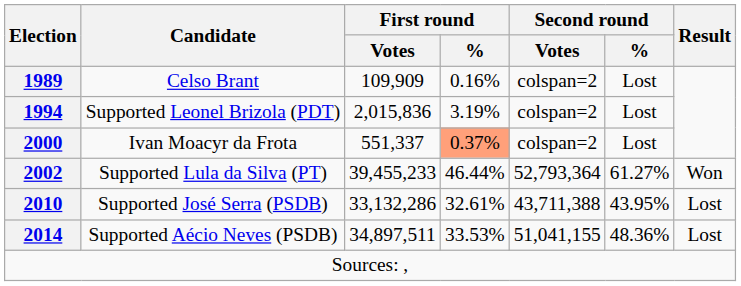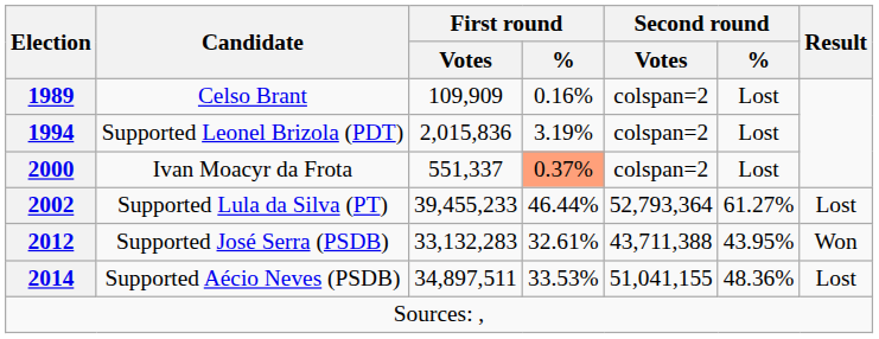 <table class="wikitable" style="text-align:center">
 <tr>
 <th rowspan="2">Election</th>
 <th rowspan="2">Candidate</th>
 <th colspan="2" scope="col">First round</th>
 <th colspan="2">Second round</th>
 <th rowspan="2">Result</th>
 </tr>
 <tr>
 <th>Votes</th>
 <th>%</th>
 <th>Votes</th>
 <th>%</th>
 </tr>
 <tr>
 <th><a href='#'>1989</a></th>
 <td><a href='#'>Celso Brant</a></td>
 <td>109,909</td>
 <td>0.16%</td>
 <td>colspan=2 </td>
 <td> Lost</td>
 </tr>
 <tr>
 <th><a href='#'>1994</a></th>
 <td>Supported <a href='#'>Leonel Brizola</a> (<a href='#'>PDT</a>)</td>
 <td>2,015,836</td>
 <td>3.19%</td>
 <td>colspan=2 </td>
 <td> Lost</td>
 </tr>
 <tr>
 <th><a href='#'>2000</a></th>
 <td>Ivan Moacyr da Frota</td>
 <td>551,337</td>
 <td style="background: lightsalmon;">0.37%</td>
 <td>colspan=2 </td>
 <td> Lost</td>
 </tr>
 <tr>
 <th><a href='#'>2002</a></th>
 <td>Supported <a href='#'>Lula da Silva</a> (<a href='#'>PT</a>)</td>
 <td>39,455,233</td>
 <td>46.44%</td>
 <td>52,793,364</td>
 <td>61.27%</td>
-<td> Won</td>
+<td> Lost</td>
 </tr>
 <tr>
-<th><a href='#'>2010</a></th>
+<th><a href='#'>2012</a></th>
 <td>Supported <a href='#'>José Serra</a> (<a href='#'>PSDB</a>)</td>
-<td>33,132,286</td>
+<td>33,132,283</td>
 <td>32.61%</td>
 <td>43,711,388</td>
 <td>43.95%</td>
-<td> Lost</td>
+<td> Won</td>
 </tr>
 <tr>
 <th><a href='#'>2014</a></th>
 <td>Supported <a href='#'>Aécio Neves</a> (PSDB)</td>
 <td>34,897,511</td>
 <td>33.53%</td>
 <td>51,041,155</td>
 <td>48.36%</td>
 <td> Lost</td>
 </tr>
 <tr>
 <td colspan=9>Sources: , </td>
 </tr>
 </table>
